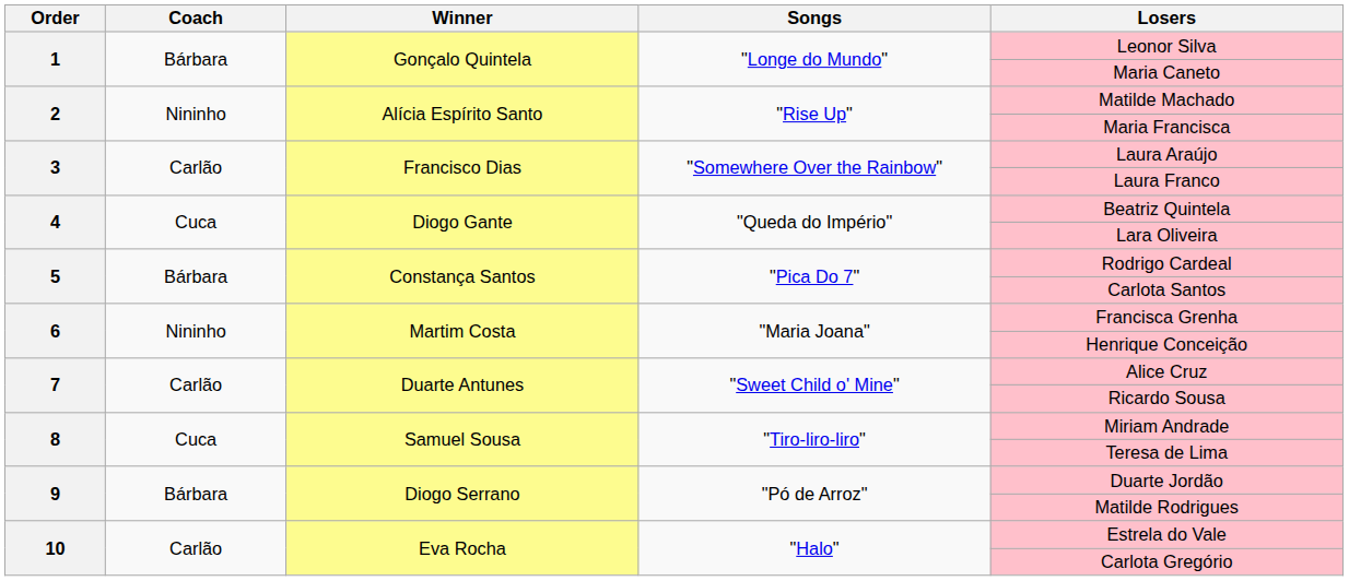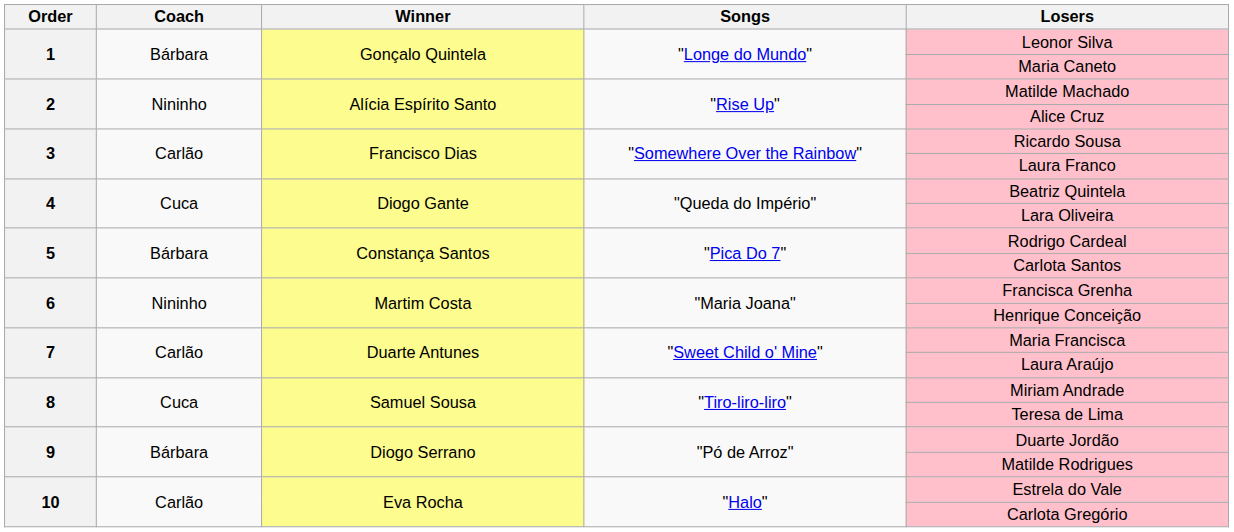 <table class="wikitable" style="text-align:center; line-height:17px; width:95%">
 <tr>
 <th width="02%">Order</th>
 <th width="05%">Coach</th>
 <th width="10%">Winner</th>
 <th width="10%">Songs</th>
 <th width="10%">Losers</th>
 </tr>
 <tr>
 <th rowspan="2">1</th>
 <td rowspan="2">Bárbara</td>
 <td rowspan="2" style="background:#fdfc8f">Gonçalo Quintela</td>
 <td rowspan="2">"<a href='#'>Longe do Mundo</a>"</td>
 <td style="background:pink">Leonor Silva</td>
 </tr>
 <tr>
 <td style="background:pink">Maria Caneto</td>
 </tr>
 <tr>
 <th rowspan="2">2</th>
 <td rowspan="2">Nininho</td>
 <td rowspan="2" style="background:#fdfc8f">Alícia Espírito Santo</td>
 <td rowspan="2">"<a href='#'>Rise Up</a>"</td>
 <td style="background:pink">Matilde Machado</td>
 </tr>
 <tr>
-<td style="background:pink">Maria Francisca</td>
+<td style="background:pink">Alice Cruz</td>
 </tr>
 <tr>
 <th rowspan="2">3</th>
 <td rowspan="2">Carlão</td>
 <td rowspan="2" style="background:#fdfc8f">Francisco Dias</td>
 <td rowspan="2">"<a href='#'>Somewhere Over the Rainbow</a>"</td>
-<td style="background:pink">Laura Araújo</td>
+<td style="background:pink">Ricardo Sousa</td>
 </tr>
 <tr>
 <td style="background:pink">Laura Franco</td>
 </tr>
 <tr>
 <th rowspan="2">4</th>
 <td rowspan="2">Cuca</td>
 <td rowspan="2" style="background:#fdfc8f">Diogo Gante</td>
 <td rowspan="2">"Queda do Império"</td>
 <td style="background:pink">Beatriz Quintela</td>
 </tr>
 <tr>
 <td style="background:pink">Lara Oliveira</td>
 </tr>
 <tr>
 <th rowspan="2">5</th>
 <td rowspan="2">Bárbara</td>
 <td rowspan="2" style="background:#fdfc8f">Constança Santos</td>
 <td rowspan="2">"<a href='#'>Pica Do 7</a>"</td>
 <td style="background:pink">Rodrigo Cardeal</td>
 </tr>
 <tr>
 <td style="background:pink">Carlota Santos</td>
 </tr>
 <tr>
 <th rowspan="2">6</th>
 <td rowspan="2">Nininho</td>
 <td rowspan="2" style="background:#fdfc8f">Martim Costa</td>
 <td rowspan="2">"Maria Joana"</td>
 <td style="background:pink">Francisca Grenha</td>
 </tr>
 <tr>
 <td style="background:pink">Henrique Conceição</td>
 </tr>
 <tr>
 <th rowspan="2">7</th>
 <td rowspan="2">Carlão</td>
 <td rowspan="2" style="background:#fdfc8f">Duarte Antunes</td>
 <td rowspan="2">"<a href='#'>Sweet Child o' Mine</a>"</td>
-<td style="background:pink">Alice Cruz</td>
+<td style="background:pink">Maria Francisca</td>
 </tr>
 <tr>
-<td style="background:pink">Ricardo Sousa</td>
+<td style="background:pink">Laura Araújo</td>
 </tr>
 <tr>
 <th rowspan="2">8</th>
 <td rowspan="2">Cuca</td>
 <td rowspan="2" style="background:#fdfc8f">Samuel Sousa</td>
 <td rowspan="2">"<a href='#'>Tiro-liro-liro</a>"</td>
 <td style="background:pink">Miriam Andrade</td>
 </tr>
 <tr>
 <td style="background:pink">Teresa de Lima</td>
 </tr>
 <tr>
 <th rowspan="2">9</th>
 <td rowspan="2">Bárbara</td>
 <td rowspan="2" style="background:#fdfc8f">Diogo Serrano</td>
 <td rowspan="2">"Pó de Arroz"</td>
 <td style="background:pink">Duarte Jordão</td>
 </tr>
 <tr>
 <td style="background:pink">Matilde Rodrigues</td>
 </tr>
 <tr>
 <th rowspan="2">10</th>
 <td rowspan="2">Carlão</td>
 <td rowspan="2" style="background:#fdfc8f">Eva Rocha</td>
 <td rowspan="2">"<a href='#'>Halo</a>"</td>
 <td style="background:pink">Estrela do Vale</td>
 </tr>
 <tr>
 <td style="background:pink">Carlota Gregório</td>
 </tr>
 </table>
